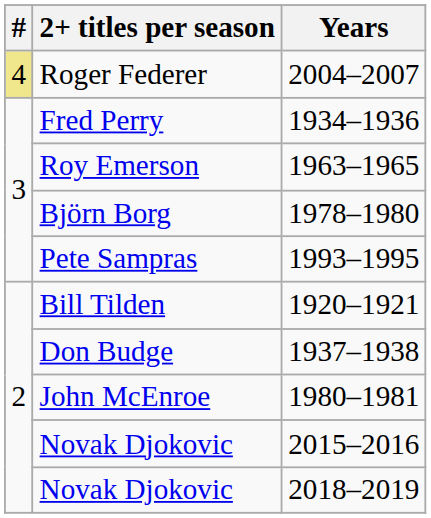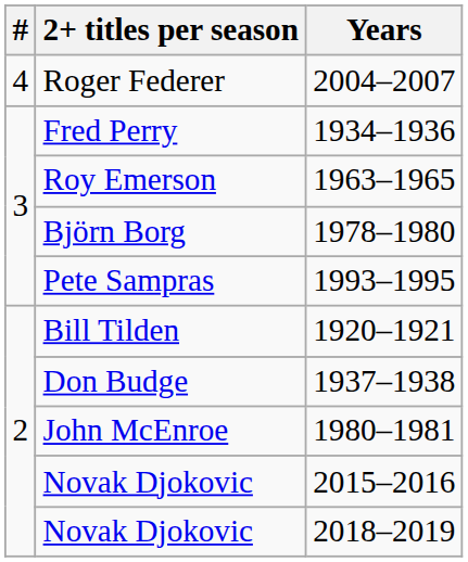 <table class=wikitable style="display:inline-table;">
 <tr>
 <th>#</th>
 <th>2+ titles per season</th>
 <th>Years</th>
 </tr>
 <tr>
-<td style="background: khaki;">4</td>
+<td>4</td>
 <td> Roger Federer</td>
 <td>2004–2007</td>
 </tr>
 <tr>
 <td rowspan="4">3</td>
 <td> <a href='#'>Fred Perry</a></td>
 <td>1934–1936</td>
 </tr>
 <tr>
 <td> <a href='#'>Roy Emerson</a></td>
 <td>1963–1965</td>
 </tr>
 <tr>
 <td> <a href='#'>Björn Borg</a></td>
 <td>1978–1980</td>
 </tr>
 <tr>
 <td> <a href='#'>Pete Sampras</a></td>
 <td>1993–1995</td>
 </tr>
 <tr>
 <td rowspan="5">2</td>
 <td> <a href='#'>Bill Tilden</a></td>
 <td>1920–1921</td>
 </tr>
 <tr>
 <td> <a href='#'>Don Budge</a></td>
 <td>1937–1938</td>
 </tr>
 <tr>
 <td> <a href='#'>John McEnroe</a></td>
 <td>1980–1981</td>
 </tr>
 <tr>
 <td> <a href='#'>Novak Djokovic</a></td>
 <td>2015–2016</td>
 </tr>
 <tr>
 <td> <a href='#'>Novak Djokovic</a> </td>
 <td>2018–2019</td>
 </tr>
 </table>
